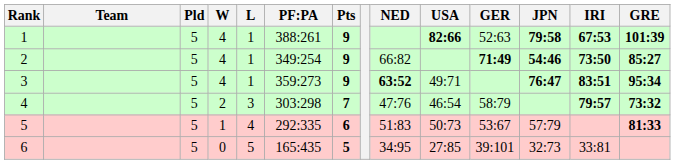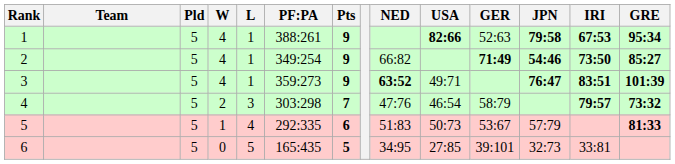 <table class="wikitable" style="text-align:center">
 <tr>
 <th width=25>Rank</th>
 <th width=150>Team</th>
 <th width=25>Pld</th>
 <th width=25>W</th>
 <th width=25>L</th>
 <th width=70>PF:PA</th>
 <th width=25>Pts</th>
 <th rowspan="7"> </th>
 <th width=50>NED</th>
 <th width=50>USA</th>
 <th width=50>GER</th>
 <th width=50>JPN</th>
 <th width=50>IRI</th>
 <th width=50>GRE</th>
 </tr>
 <tr style="background:#ccffcc;">
 <td>1</td>
 <td style="text-align:left"></td>
 <td>5</td>
 <td>4</td>
 <td>1</td>
 <td>388:261</td>
 <td><strong>9</strong></td>
 <td></td>
 <td><strong>82:66</strong></td>
 <td>52:63</td>
 <td><strong>79:58</strong></td>
 <td><strong>67:53</strong></td>
-<td><strong>101:39</strong></td>
+<td><strong>95:34</strong></td>
 </tr>
 <tr style="background:#ccffcc;">
 <td>2</td>
 <td style="text-align:left"></td>
 <td>5</td>
 <td>4</td>
 <td>1</td>
 <td>349:254</td>
 <td><strong>9</strong></td>
 <td>66:82</td>
 <td></td>
 <td><strong>71:49</strong></td>
 <td><strong>54:46</strong></td>
 <td><strong>73:50</strong></td>
 <td><strong>85:27</strong></td>
 </tr>
 <tr style="background:#ccffcc;">
 <td>3</td>
 <td style="text-align:left"></td>
 <td>5</td>
 <td>4</td>
 <td>1</td>
 <td>359:273</td>
 <td><strong>9</strong></td>
 <td><strong>63:52</strong></td>
 <td>49:71</td>
 <td></td>
 <td><strong>76:47</strong></td>
 <td><strong>83:51</strong></td>
-<td><strong>95:34</strong></td>
+<td><strong>101:39</strong></td>
 </tr>
 <tr style="background:#ccffcc;">
 <td>4</td>
 <td style="text-align:left"></td>
 <td>5</td>
 <td>2</td>
 <td>3</td>
 <td>303:298</td>
 <td><strong>7</strong></td>
 <td>47:76</td>
 <td>46:54</td>
 <td>58:79</td>
 <td></td>
 <td><strong>79:57</strong></td>
 <td><strong>73:32</strong></td>
 </tr>
 <tr style="background:#ffcccc;">
 <td>5</td>
 <td style="text-align:left"></td>
 <td>5</td>
 <td>1</td>
 <td>4</td>
 <td>292:335</td>
 <td><strong>6</strong></td>
 <td>51:83</td>
 <td>50:73</td>
 <td>53:67</td>
 <td>57:79</td>
 <td></td>
 <td><strong>81:33</strong></td>
 </tr>
 <tr style="background:#ffcccc;">
 <td>6</td>
 <td style="text-align:left"></td>
 <td>5</td>
 <td>0</td>
 <td>5</td>
 <td>165:435</td>
 <td><strong>5</strong></td>
 <td>34:95</td>
 <td>27:85</td>
 <td>39:101</td>
 <td>32:73</td>
 <td>33:81</td>
 <td></td>
 </tr>
 </table>
